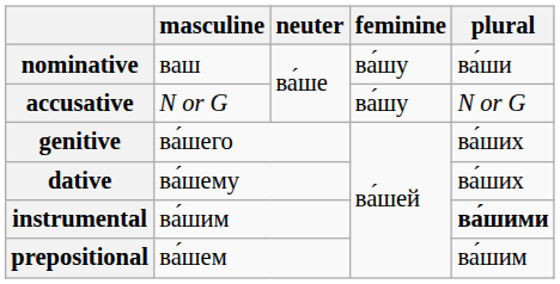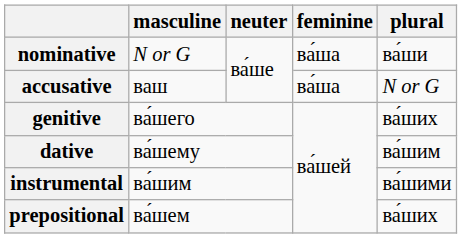 <table class="wikitable"  style="display: inline-table;">
 <tr>
 <th></th>
 <th>masculine</th>
 <th>neuter</th>
 <th>feminine</th>
 <th>plural</th>
 </tr>
 <tr>
 <th>nominative</th>
-<td>ваш</td>
+<td><em>N or G</em></td>
 <td rowspan="2">ва́ше</td>
-<td>ва́шу</td>
+<td>ва́ша</td>
 <td>ва́ши</td>
 </tr>
 <tr>
 <th>accusative</th>
-<td><em>N or G</em></td>
-<td>ва́шу</td>
+<td>ваш</td>
+<td>ва́ша</td>
 <td><em>N or G</em></td>
 </tr>
 <tr>
 <th>genitive</th>
 <td colspan="2">ва́шего</td>
 <td rowspan="4">ва́шей</td>
 <td>ва́ших</td>
 </tr>
 <tr>
 <th>dative</th>
 <td colspan="2">ва́шему</td>
-<td>ва́ших</td>
+<td>ва́шим</td>
 </tr>
 <tr>
 <th>instrumental</th>
 <td colspan="2">ва́шим</td>
-<td><strong>ва́шими</strong></td>
+<td>ва́шими</td>
 </tr>
 <tr>
 <th>prepositional</th>
 <td colspan="2">ва́шем</td>
-<td>ва́шим</td>
+<td>ва́ших</td>
 </tr>
 </table>
